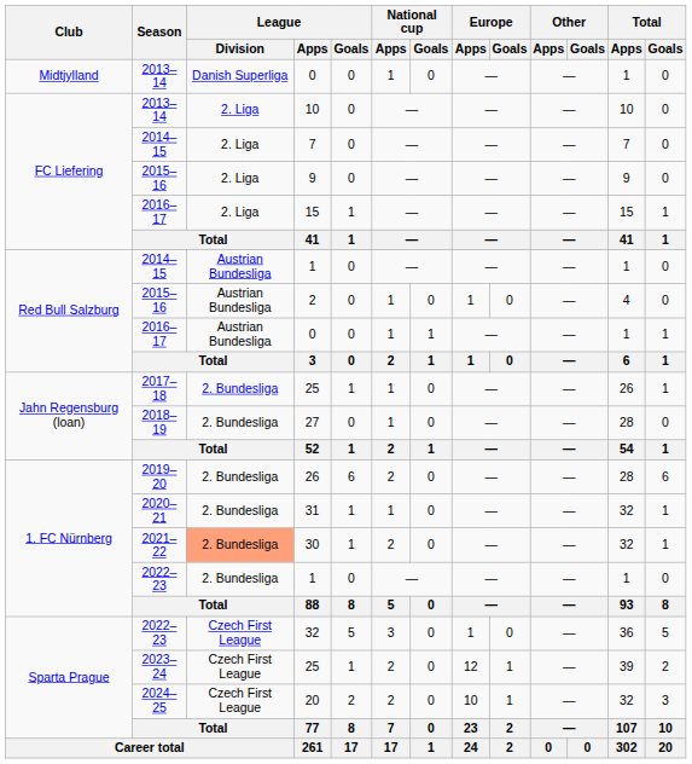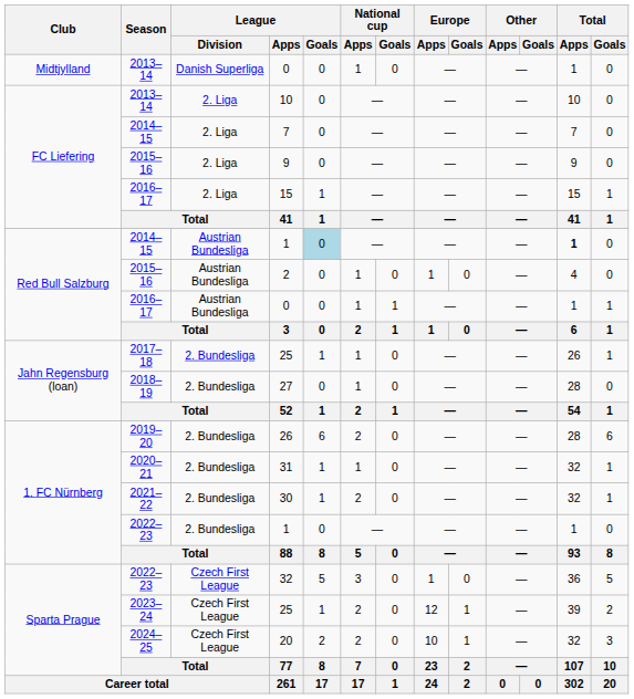 <table class="wikitable" style="text-align:center">
 <tr>
 <th rowspan="2">Club</th>
 <th rowspan="2">Season</th>
 <th colspan="3">League</th>
 <th colspan="2">National cup</th>
 <th colspan="2">Europe</th>
 <th colspan="2">Other</th>
 <th colspan="2">Total</th>
 </tr>
 <tr>
 <th>Division</th>
 <th>Apps</th>
 <th>Goals</th>
 <th>Apps</th>
 <th>Goals</th>
 <th>Apps</th>
 <th>Goals</th>
 <th>Apps</th>
 <th>Goals</th>
 <th>Apps</th>
 <th>Goals</th>
 </tr>
 <tr>
 <td><a href='#'>Midtjylland</a></td>
 <td><a href='#'>2013–14</a></td>
 <td><a href='#'>Danish Superliga</a></td>
 <td>0</td>
 <td>0</td>
 <td>1</td>
 <td>0</td>
 <td colspan="2">—</td>
 <td colspan="2">—</td>
 <td>1</td>
 <td>0</td>
 </tr>
 <tr>
 <td rowspan="5"><a href='#'>FC Liefering</a></td>
 <td><a href='#'>2013–14</a></td>
 <td><a href='#'>2. Liga</a></td>
 <td>10</td>
 <td>0</td>
 <td colspan="2">—</td>
 <td colspan="2">—</td>
 <td colspan="2">—</td>
 <td>10</td>
 <td>0</td>
 </tr>
 <tr>
 <td><a href='#'>2014–15</a></td>
 <td>2. Liga</td>
 <td>7</td>
 <td>0</td>
 <td colspan="2">—</td>
 <td colspan="2">—</td>
 <td colspan="2">—</td>
 <td>7</td>
 <td>0</td>
 </tr>
 <tr>
 <td><a href='#'>2015–16</a></td>
 <td>2. Liga</td>
 <td>9</td>
 <td>0</td>
 <td colspan="2">—</td>
 <td colspan="2">—</td>
 <td colspan="2">—</td>
 <td>9</td>
 <td>0</td>
 </tr>
 <tr>
 <td><a href='#'>2016–17</a></td>
 <td>2. Liga</td>
 <td>15</td>
 <td>1</td>
 <td colspan="2">—</td>
 <td colspan="2">—</td>
 <td colspan="2">—</td>
 <td>15</td>
 <td>1</td>
 </tr>
 <tr>
 <th colspan="2">Total</th>
 <th>41</th>
 <th>1</th>
 <th colspan="2">—</th>
 <th colspan="2">—</th>
 <th colspan="2">—</th>
 <th>41</th>
 <th>1</th>
 </tr>
 <tr>
 <td rowspan="4"><a href='#'>Red Bull Salzburg</a></td>
 <td><a href='#'>2014–15</a></td>
 <td><a href='#'>Austrian Bundesliga</a></td>
 <td>1</td>
-<td>0</td>
+<td style="background: lightblue;">0</td>
 <td colspan="2">—</td>
 <td colspan="2">—</td>
 <td colspan="2">—</td>
-<td>1</td>
+<td><strong>1</strong></td>
 <td>0</td>
 </tr>
 <tr>
 <td><a href='#'>2015–16</a></td>
 <td>Austrian Bundesliga</td>
 <td>2</td>
 <td>0</td>
 <td>1</td>
 <td>0</td>
 <td>1</td>
 <td>0</td>
 <td colspan="2">—</td>
 <td>4</td>
 <td>0</td>
 </tr>
 <tr>
 <td><a href='#'>2016–17</a></td>
 <td>Austrian Bundesliga</td>
 <td>0</td>
 <td>0</td>
 <td>1</td>
 <td>1</td>
 <td colspan="2">—</td>
 <td colspan="2">—</td>
 <td>1</td>
 <td>1</td>
 </tr>
 <tr>
 <th colspan="2">Total</th>
 <th>3</th>
 <th>0</th>
 <th>2</th>
 <th>1</th>
 <th>1</th>
 <th>0</th>
 <th colspan="2">—</th>
 <th>6</th>
 <th>1</th>
 </tr>
 <tr>
 <td rowspan="3"><a href='#'>Jahn Regensburg</a> (loan)</td>
 <td><a href='#'>2017–18</a></td>
 <td><a href='#'>2. Bundesliga</a></td>
 <td>25</td>
 <td>1</td>
 <td>1</td>
 <td>0</td>
 <td colspan="2">—</td>
 <td colspan="2">—</td>
 <td>26</td>
 <td>1</td>
 </tr>
 <tr>
 <td><a href='#'>2018–19</a></td>
 <td>2. Bundesliga</td>
 <td>27</td>
 <td>0</td>
 <td>1</td>
 <td>0</td>
 <td colspan="2">—</td>
 <td colspan="2">—</td>
 <td>28</td>
 <td>0</td>
 </tr>
 <tr>
 <th colspan="2">Total</th>
 <th>52</th>
 <th>1</th>
 <th>2</th>
 <th>1</th>
 <th colspan="2">—</th>
 <th colspan="2">—</th>
 <th>54</th>
 <th>1</th>
 </tr>
 <tr>
 <td rowspan="5"><a href='#'>1. FC Nürnberg</a></td>
 <td><a href='#'>2019–20</a></td>
 <td>2. Bundesliga</td>
 <td>26</td>
 <td>6</td>
 <td>2</td>
 <td>0</td>
 <td colspan="2">—</td>
 <td colspan="2">—</td>
 <td>28</td>
 <td>6</td>
 </tr>
 <tr>
 <td><a href='#'>2020–21</a></td>
 <td>2. Bundesliga</td>
 <td>31</td>
 <td>1</td>
 <td>1</td>
 <td>0</td>
 <td colspan="2">—</td>
 <td colspan="2">—</td>
 <td>32</td>
 <td>1</td>
 </tr>
 <tr>
 <td><a href='#'>2021–22</a></td>
-<td style="background: lightsalmon;">2. Bundesliga</td>
+<td>2. Bundesliga</td>
 <td>30</td>
 <td>1</td>
 <td>2</td>
 <td>0</td>
 <td colspan="2">—</td>
 <td colspan="2">—</td>
 <td>32</td>
 <td>1</td>
 </tr>
 <tr>
 <td><a href='#'>2022–23</a></td>
 <td>2. Bundesliga</td>
 <td>1</td>
 <td>0</td>
 <td colspan="2">—</td>
 <td colspan="2">—</td>
 <td colspan="2">—</td>
 <td>1</td>
 <td>0</td>
 </tr>
 <tr>
 <th colspan="2">Total</th>
 <th>88</th>
 <th>8</th>
 <th>5</th>
 <th>0</th>
 <th colspan="2">—</th>
 <th colspan="2">—</th>
 <th>93</th>
 <th>8</th>
 </tr>
 <tr>
 <td rowspan="4"><a href='#'>Sparta Prague</a></td>
 <td><a href='#'>2022–23</a></td>
 <td><a href='#'>Czech First League</a></td>
 <td>32</td>
 <td>5</td>
 <td>3</td>
 <td>0</td>
 <td>1</td>
 <td>0</td>
 <td colspan="2">—</td>
 <td>36</td>
 <td>5</td>
 </tr>
 <tr>
 <td><a href='#'>2023–24</a></td>
 <td>Czech First League</td>
 <td>25</td>
 <td>1</td>
 <td>2</td>
 <td>0</td>
 <td>12</td>
 <td>1</td>
 <td colspan="2">—</td>
 <td>39</td>
 <td>2</td>
 </tr>
 <tr>
 <td><a href='#'>2024–25</a></td>
 <td>Czech First League</td>
 <td>20</td>
 <td>2</td>
 <td>2</td>
 <td>0</td>
 <td>10</td>
 <td>1</td>
 <td colspan="2">—</td>
 <td>32</td>
 <td>3</td>
 </tr>
 <tr>
 <th colspan="2">Total</th>
 <th>77</th>
 <th>8</th>
 <th>7</th>
 <th>0</th>
 <th>23</th>
 <th>2</th>
 <th colspan="2">—</th>
 <th>107</th>
 <th>10</th>
 </tr>
 <tr>
 <th colspan="3">Career total</th>
 <th>261</th>
 <th>17</th>
 <th>17</th>
 <th>1</th>
 <th>24</th>
 <th>2</th>
 <th>0</th>
 <th>0</th>
 <th>302</th>
 <th>20</th>
 </tr>
 </table>
